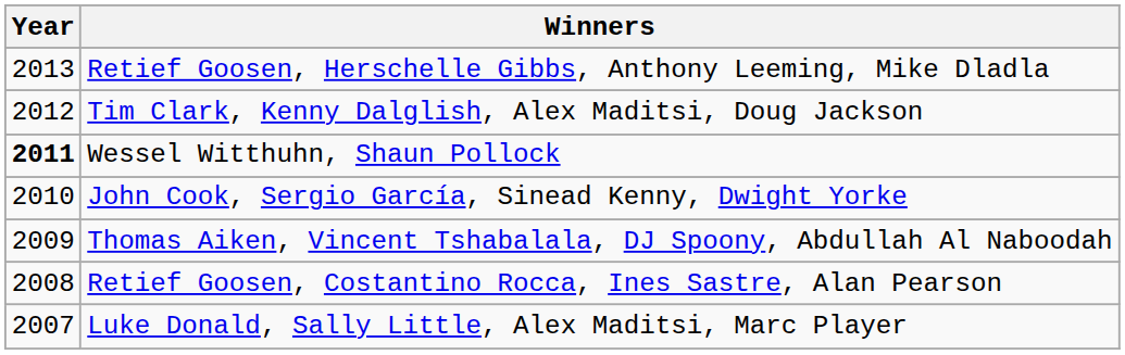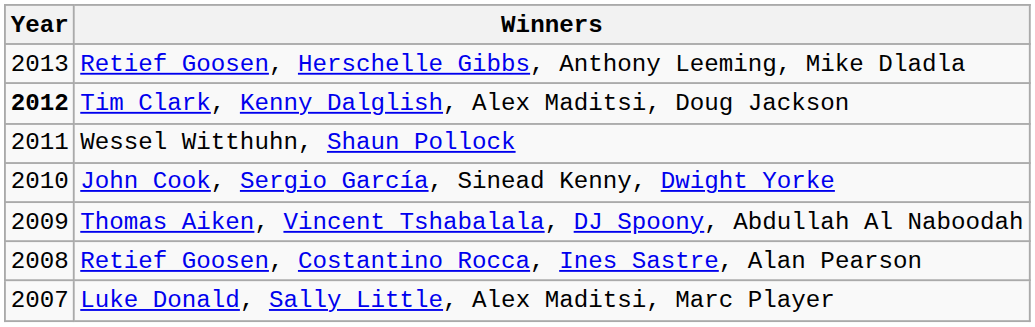 <table class=wikitable>
 <tr>
 <th>Year</th>
 <th>Winners</th>
 </tr>
 <tr>
 <td>2013</td>
 <td><a href='#'>Retief Goosen</a>, <a href='#'>Herschelle Gibbs</a>, Anthony Leeming, Mike Dladla</td>
 </tr>
 <tr>
-<td>2012</td>
+<td><strong>2012</strong></td>
 <td><a href='#'>Tim Clark</a>, <a href='#'>Kenny Dalglish</a>, Alex Maditsi, Doug Jackson</td>
 </tr>
 <tr>
-<td><strong>2011</strong></td>
+<td>2011</td>
 <td>Wessel Witthuhn, <a href='#'>Shaun Pollock</a></td>
 </tr>
 <tr>
 <td>2010</td>
 <td><a href='#'>John Cook</a>, <a href='#'>Sergio García</a>, Sinead Kenny, <a href='#'>Dwight Yorke</a></td>
 </tr>
 <tr>
 <td>2009</td>
 <td><a href='#'>Thomas Aiken</a>, <a href='#'>Vincent Tshabalala</a>, <a href='#'>DJ Spoony</a>, Abdullah Al Naboodah</td>
 </tr>
 <tr>
 <td>2008</td>
 <td><a href='#'>Retief Goosen</a>, <a href='#'>Costantino Rocca</a>, <a href='#'>Ines Sastre</a>, Alan Pearson</td>
 </tr>
 <tr>
 <td>2007</td>
 <td><a href='#'>Luke Donald</a>, <a href='#'>Sally Little</a>, Alex Maditsi, Marc Player</td>
 </tr>
 </table>
